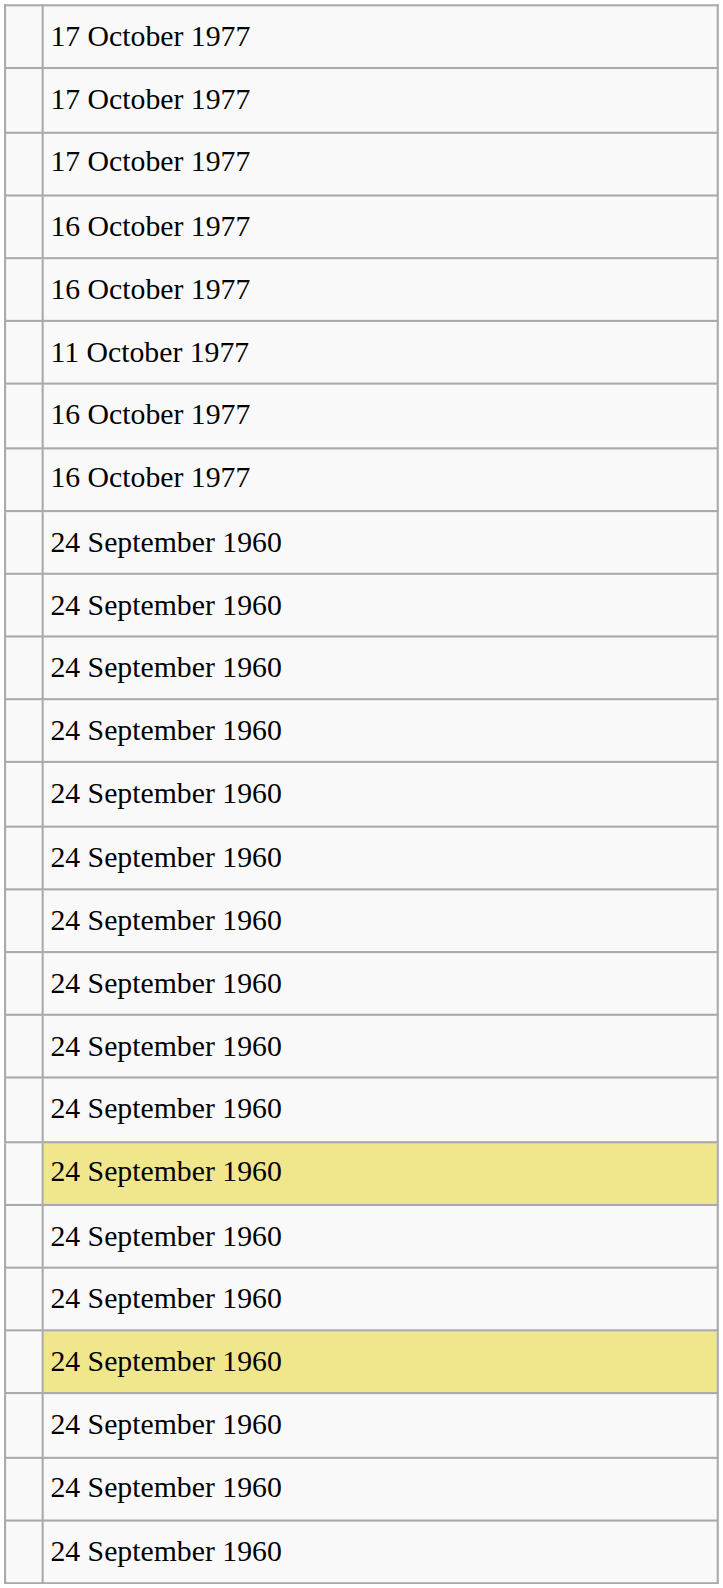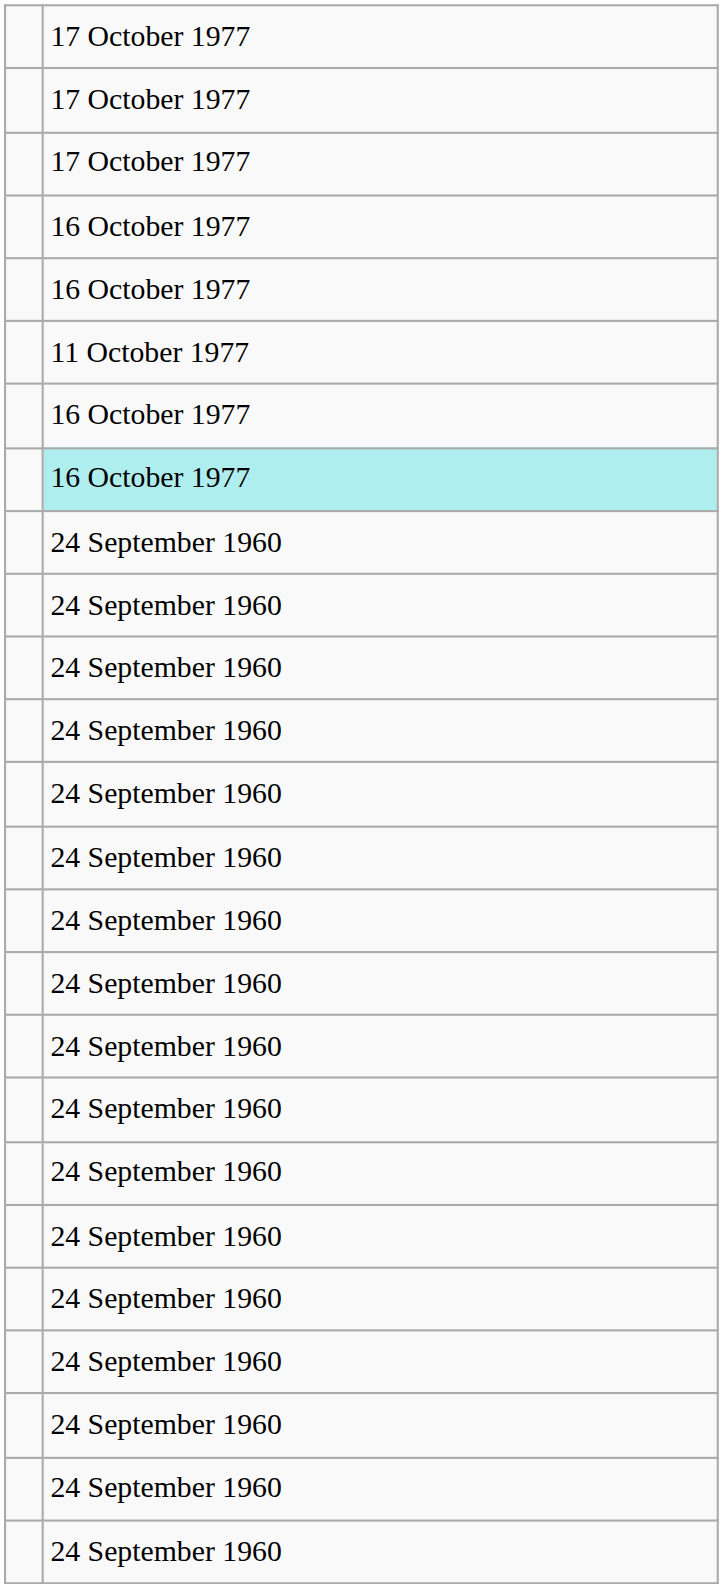 <table class="wikitable" style="font-size: 89%; float: left; width: 24em; margin-right: 1em; line-height: 1.65em">
 <tr>
 <td></td>
 <td>17 October 1977</td>
 </tr>
 <tr>
 <td></td>
 <td>17 October 1977</td>
 </tr>
 <tr>
 <td></td>
 <td>17 October 1977</td>
 </tr>
 <tr>
 <td></td>
 <td>16 October 1977</td>
 </tr>
 <tr>
 <td></td>
 <td>16 October 1977</td>
 </tr>
 <tr>
 <td></td>
 <td>11 October 1977</td>
 </tr>
 <tr>
 <td></td>
 <td>16 October 1977</td>
 </tr>
 <tr>
 <td></td>
-<td>16 October 1977</td>
+<td style="background: paleturquoise;">16 October 1977</td>
 </tr>
 <tr>
 <td></td>
 <td>24 September 1960</td>
 </tr>
 <tr>
 <td></td>
 <td>24 September 1960</td>
 </tr>
 <tr>
 <td></td>
 <td>24 September 1960</td>
 </tr>
 <tr>
 <td></td>
 <td>24 September 1960</td>
 </tr>
 <tr>
 <td></td>
 <td>24 September 1960</td>
 </tr>
 <tr>
 <td></td>
 <td>24 September 1960</td>
 </tr>
 <tr>
 <td></td>
 <td>24 September 1960</td>
 </tr>
 <tr>
 <td></td>
 <td>24 September 1960</td>
 </tr>
 <tr>
 <td></td>
 <td>24 September 1960</td>
 </tr>
 <tr>
 <td></td>
 <td>24 September 1960</td>
 </tr>
 <tr>
 <td></td>
-<td style="background: khaki;">24 September 1960</td>
+<td>24 September 1960</td>
 </tr>
 <tr>
 <td></td>
 <td>24 September 1960</td>
 </tr>
 <tr>
 <td></td>
 <td>24 September 1960</td>
 </tr>
 <tr>
 <td></td>
-<td style="background: khaki;">24 September 1960</td>
+<td>24 September 1960</td>
 </tr>
 <tr>
 <td></td>
 <td>24 September 1960</td>
 </tr>
 <tr>
 <td></td>
 <td>24 September 1960</td>
 </tr>
 <tr>
 <td></td>
 <td>24 September 1960</td>
 </tr>
 </table>
